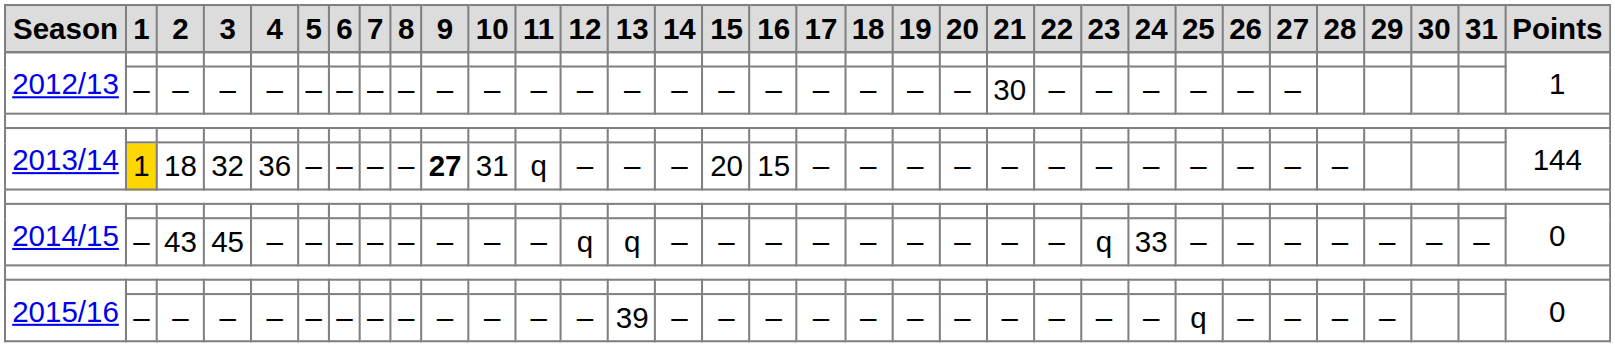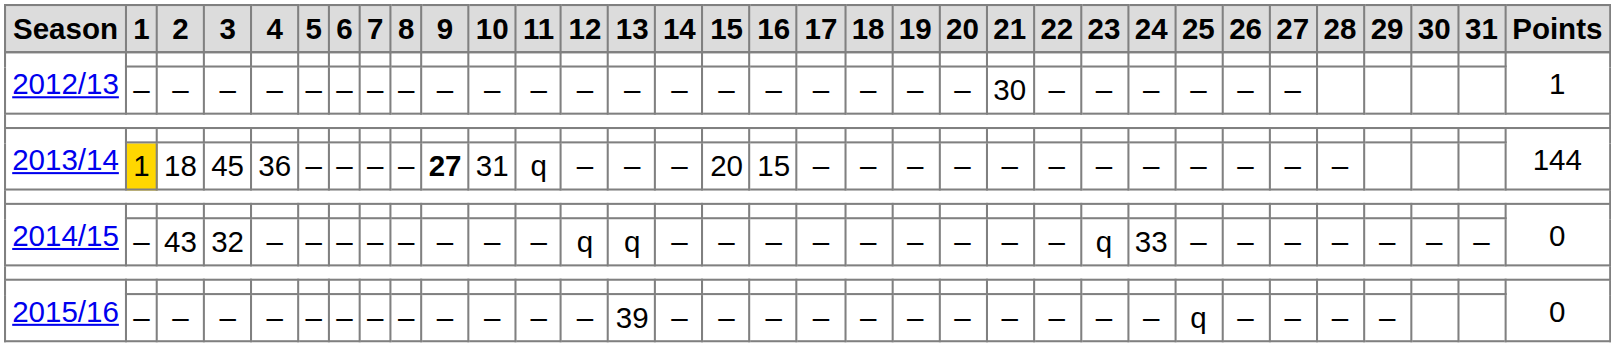 <table cellpadding="3" cellspacing="0" border="1" style="background:#ffffff; font-size:90%; border:grey 1px; border-collapse:collapse;">
 <tr style="background:#ccc; text-align:center;">
 <td style="background:#DCDCDC;" width=69px><strong>Season</strong></td>
 <td style="background:#DCDCDC;" width=15px><strong>1</strong></td>
 <td style="background:#DCDCDC;" width=15px><strong>2</strong></td>
 <td style="background:#DCDCDC;" width=15px><strong>3</strong></td>
 <td style="background:#DCDCDC;" width=15px><strong>4</strong></td>
 <td style="background:#DCDCDC;" width=15px><strong>5</strong></td>
 <td style="background:#DCDCDC;" width=15px><strong>6</strong></td>
 <td style="background:#DCDCDC;" width=15px><strong>7</strong></td>
 <td style="background:#DCDCDC;" width=15px><strong>8</strong></td>
 <td style="background:#DCDCDC;" width=15px><strong>9</strong></td>
 <td style="background:#DCDCDC;" width=15px><strong>10</strong></td>
 <td style="background:#DCDCDC;" width=15px><strong>11</strong></td>
 <td style="background:#DCDCDC;" width=15px><strong>12</strong></td>
 <td style="background:#DCDCDC;" width=15px><strong>13</strong></td>
 <td style="background:#DCDCDC;" width=15px><strong>14</strong></td>
 <td style="background:#DCDCDC;" width=15px><strong>15</strong></td>
 <td style="background:#DCDCDC;" width=15px><strong>16</strong></td>
 <td style="background:#DCDCDC;" width=15px><strong>17</strong></td>
 <td style="background:#DCDCDC;" width=15px><strong>18</strong></td>
 <td style="background:#DCDCDC;" width=15px><strong>19</strong></td>
 <td style="background:#DCDCDC;" width=15px><strong>20</strong></td>
 <td style="background:#DCDCDC;" width=15px><strong>21</strong></td>
 <td style="background:#DCDCDC;" width=15px><strong>22</strong></td>
 <td style="background:#DCDCDC;" width=15px><strong>23</strong></td>
 <td style="background:#DCDCDC;" width=15px><strong>24</strong></td>
 <td style="background:#DCDCDC;" width=15px><strong>25</strong></td>
 <td style="background:#DCDCDC;" width=15px><strong>26</strong></td>
 <td style="background:#DCDCDC;" width=15px><strong>27</strong></td>
 <td style="background:#DCDCDC;" width=15px><strong>28</strong></td>
 <td style="background:#DCDCDC;" width=15px><strong>29</strong></td>
 <td style="background:#DCDCDC;" width=15px><strong>30</strong></td>
 <td style="background:#DCDCDC;" width=15px><strong>31</strong></td>
 <td style="background:#DCDCDC;" width=30px><strong>Points</strong></td>
 </tr>
 <tr>
 </tr>
 <tr align=center>
 <td rowspan=2 width=66px><a href='#'>2012/13</a></td>
 <th></th>
 <th></th>
 <th></th>
 <th></th>
 <th></th>
 <th></th>
 <th></th>
 <th></th>
 <th></th>
 <th></th>
 <th></th>
 <th></th>
 <th></th>
 <th></th>
 <th></th>
 <th></th>
 <th></th>
 <th></th>
 <th></th>
 <th></th>
 <th></th>
 <th></th>
 <th></th>
 <th></th>
 <th></th>
 <th></th>
 <th></th>
 <th></th>
 <th></th>
 <th></th>
 <th></th>
 <td rowspan=2 width=66px>1</td>
 </tr>
 <tr align=center>
 <td>–</td>
 <td>–</td>
 <td>–</td>
 <td>–</td>
 <td>–</td>
 <td>–</td>
 <td>–</td>
 <td>–</td>
 <td>–</td>
 <td>–</td>
 <td>–</td>
 <td>–</td>
 <td>–</td>
 <td>–</td>
 <td>–</td>
 <td>–</td>
 <td>–</td>
 <td>–</td>
 <td>–</td>
 <td>–</td>
 <td>30</td>
 <td>–</td>
 <td>–</td>
 <td>–</td>
 <td>–</td>
 <td>–</td>
 <td>–</td>
 <th></th>
 <th></th>
 <th></th>
 <th></th>
 </tr>
 <tr>
 <td colspan=33></td>
 </tr>
 <tr align=center>
 <td rowspan=2 width=66px><a href='#'>2013/14</a></td>
 <th></th>
 <th></th>
 <th></th>
 <th></th>
 <th></th>
 <th></th>
 <th></th>
 <th></th>
 <th></th>
 <th></th>
 <th></th>
 <th></th>
 <th></th>
 <th></th>
 <th></th>
 <th></th>
 <th></th>
 <th></th>
 <th></th>
 <th></th>
 <th></th>
 <th></th>
 <th></th>
 <th></th>
 <th></th>
 <th></th>
 <th></th>
 <th></th>
 <th></th>
 <th></th>
 <th></th>
 <td rowspan=2 width=66px>144</td>
 </tr>
 <tr align=center>
 <td bgcolor=gold>1</td>
 <td>18</td>
-<td>32</td>
+<td>45</td>
 <td>36</td>
 <td>–</td>
 <td>–</td>
 <td>–</td>
 <td>–</td>
 <td><strong>27</strong></td>
 <td>31</td>
 <td>q</td>
 <td>–</td>
 <td>–</td>
 <td>–</td>
 <td>20</td>
 <td>15</td>
 <td>–</td>
 <td>–</td>
 <td>–</td>
 <td>–</td>
 <td>–</td>
 <td>–</td>
 <td>–</td>
 <td>–</td>
 <td>–</td>
 <td>–</td>
 <td>–</td>
 <td>–</td>
 <th></th>
 <th></th>
 <th></th>
 </tr>
 <tr>
 <td colspan=33></td>
 </tr>
 <tr align=center>
 <td rowspan=2 width=66px><a href='#'>2014/15</a></td>
 <th></th>
 <th></th>
 <th></th>
 <th></th>
 <th></th>
 <th></th>
 <th></th>
 <th></th>
 <th></th>
 <th></th>
 <th></th>
 <th></th>
 <th></th>
 <th></th>
 <th></th>
 <th></th>
 <th></th>
 <th></th>
 <th></th>
 <th></th>
 <th></th>
 <th></th>
 <th></th>
 <th></th>
 <th></th>
 <th></th>
 <th></th>
 <th></th>
 <th></th>
 <th></th>
 <th></th>
 <td rowspan=2 width=66px>0</td>
 </tr>
 <tr align=center>
 <td>–</td>
 <td>43</td>
-<td>45</td>
+<td>32</td>
 <td>–</td>
 <td>–</td>
 <td>–</td>
 <td>–</td>
 <td>–</td>
 <td>–</td>
 <td>–</td>
 <td>–</td>
 <td>q</td>
 <td>q</td>
 <td>–</td>
 <td>–</td>
 <td>–</td>
 <td>–</td>
 <td>–</td>
 <td>–</td>
 <td>–</td>
 <td>–</td>
 <td>–</td>
 <td>q</td>
 <td>33</td>
 <td>–</td>
 <td>–</td>
 <td>–</td>
 <td>–</td>
 <td>–</td>
 <td>–</td>
 <td>–</td>
 </tr>
 <tr>
 <td colspan=33></td>
 </tr>
 <tr align=center>
 <td rowspan=2 width=66px><a href='#'>2015/16</a></td>
 <th></th>
 <th></th>
 <th></th>
 <th></th>
 <th></th>
 <th></th>
 <th></th>
 <th></th>
 <th></th>
 <th></th>
 <th></th>
 <th></th>
 <th></th>
 <th></th>
 <th></th>
 <th></th>
 <th></th>
 <th></th>
 <th></th>
 <th></th>
 <th></th>
 <th></th>
 <th></th>
 <th></th>
 <th></th>
 <th></th>
 <th></th>
 <th></th>
 <th></th>
 <th></th>
 <th></th>
 <td rowspan=2 width=66px>0</td>
 </tr>
 <tr align=center>
 <td>–</td>
 <td>–</td>
 <td>–</td>
 <td>–</td>
 <td>–</td>
 <td>–</td>
 <td>–</td>
 <td>–</td>
 <td>–</td>
 <td>–</td>
 <td>–</td>
 <td>–</td>
 <td>39</td>
 <td>–</td>
 <td>–</td>
 <td>–</td>
 <td>–</td>
 <td>–</td>
 <td>–</td>
 <td>–</td>
 <td>–</td>
 <td>–</td>
 <td>–</td>
 <td>–</td>
 <td>q</td>
 <td>–</td>
 <td>–</td>
 <td>–</td>
 <td>–</td>
 <td></td>
 <td></td>
 </tr>
 </table>
